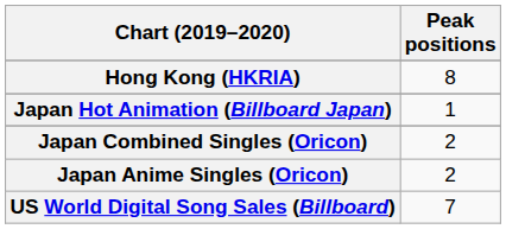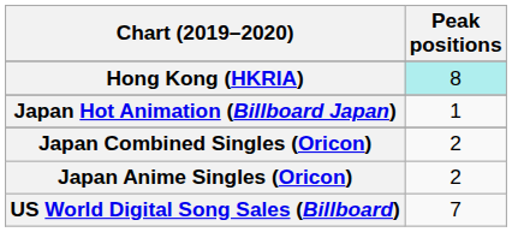 <table class="wikitable sortable plainrowheaders" style="text-align:center;">
 <tr>
 <th scope="col">Chart (2019–2020)</th>
 <th scope="col">Peak<br>positions</th>
 </tr>
 <tr>
 </tr>
 <tr>
 <th scope="row">Hong Kong (<a href='#'>HKRIA</a>)</th>
-<td>8</td>
+<td style="background: paleturquoise;">8</td>
 </tr>
 <tr>
 </tr>
 <tr>
 <th scope="row">Japan <a href='#'>Hot Animation</a> (<em><a href='#'>Billboard Japan</a></em>)</th>
 <td>1</td>
 </tr>
 <tr>
 </tr>
 <tr>
 <th scope="row">Japan Combined Singles (<a href='#'>Oricon</a>)</th>
 <td>2</td>
 </tr>
 <tr>
 <th scope="row">Japan Anime Singles (<a href='#'>Oricon</a>)</th>
 <td>2</td>
 </tr>
 <tr>
 <th scope="row">US <a href='#'>World Digital Song Sales</a> (<em><a href='#'>Billboard</a></em>)</th>
 <td>7</td>
 </tr>
 </table>
